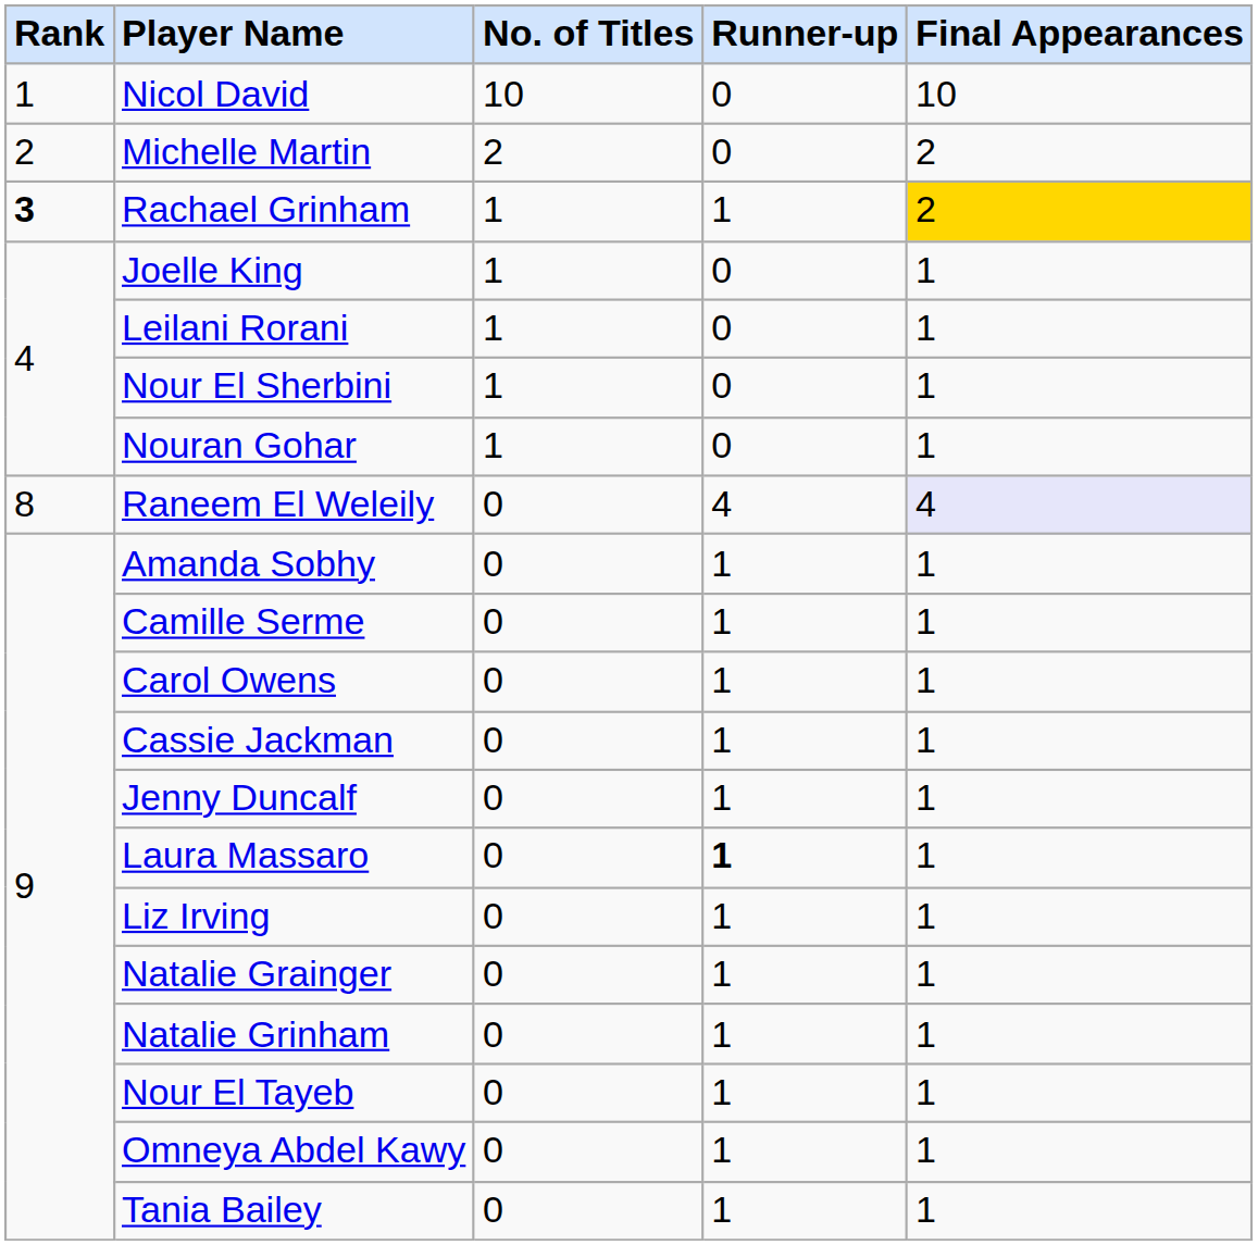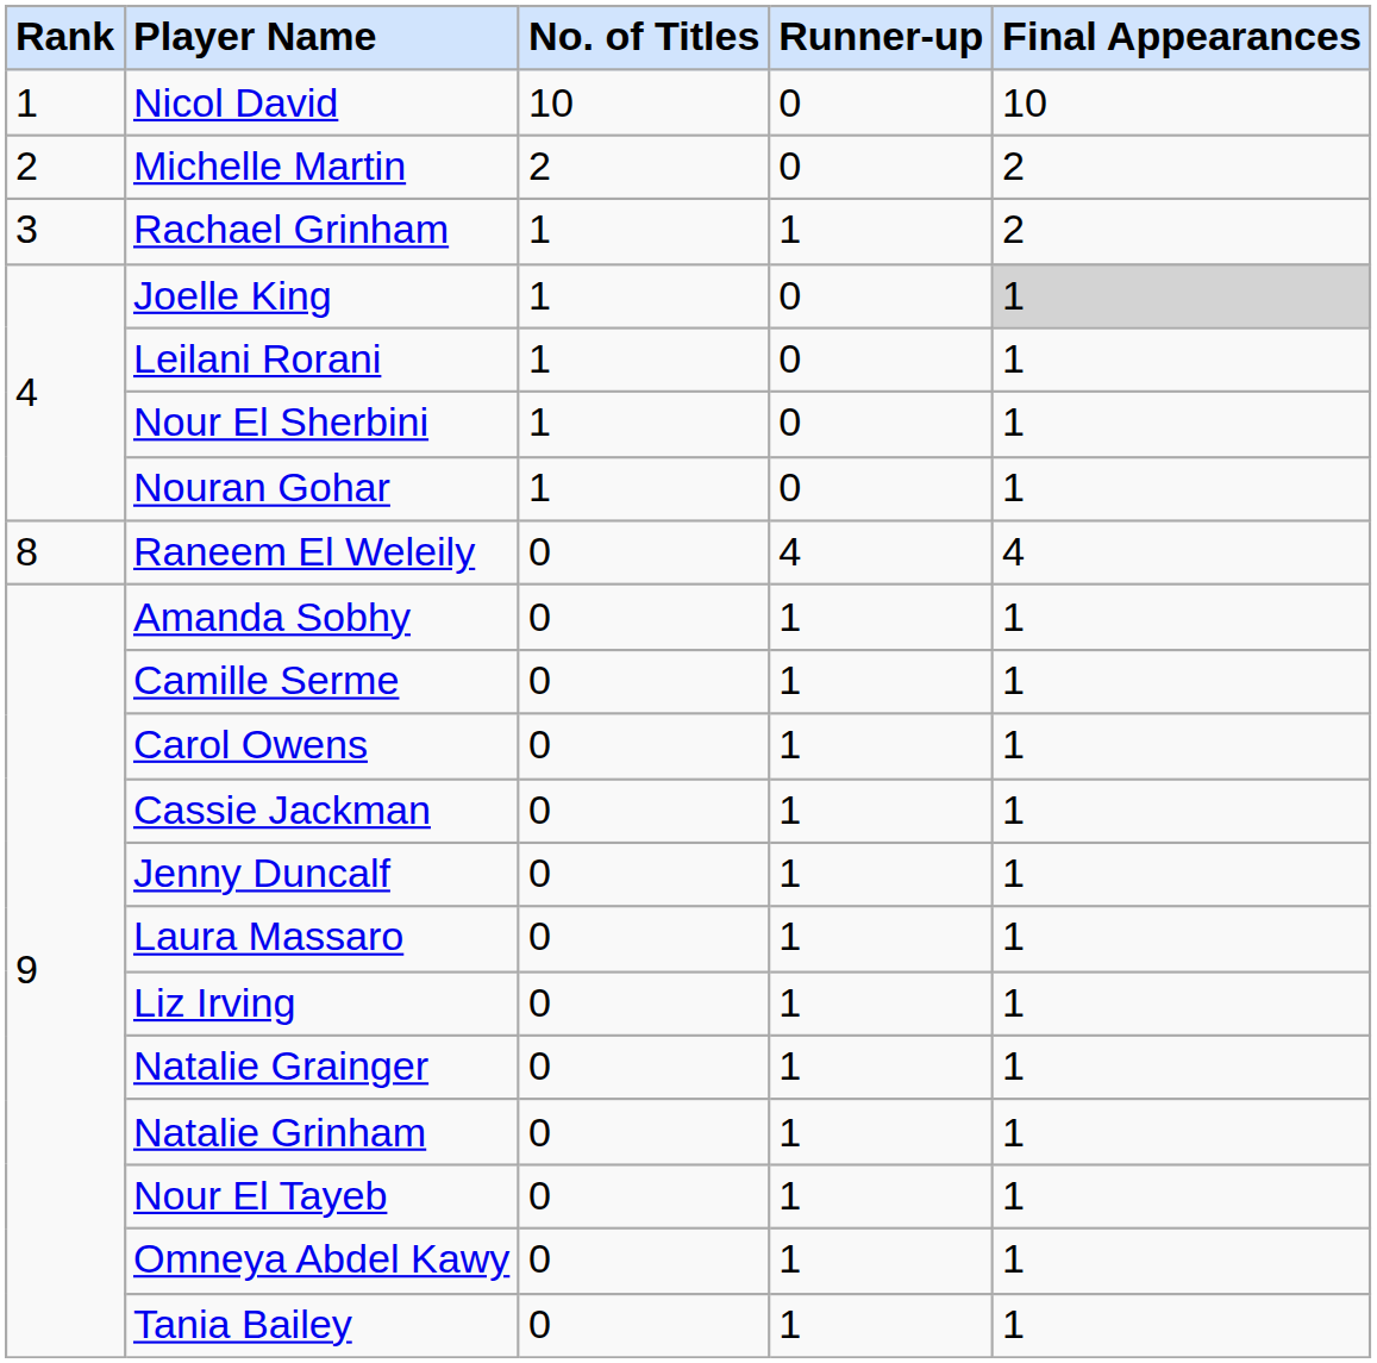 <table class="sortable wikitable" style="border:#435877 solid 1px; border-collapse: collapse;">
 <tr bgcolor="#d1e4fd">
 <td><strong>Rank</strong></td>
 <td><strong>Player Name</strong></td>
 <td><strong>No. of Titles</strong></td>
 <td><strong>Runner-up</strong></td>
 <td><strong>Final Appearances</strong></td>
 </tr>
 <tr>
 <td>1</td>
 <td> <a href='#'>Nicol David</a></td>
 <td>10</td>
 <td>0</td>
 <td>10</td>
 </tr>
 <tr>
 <td>2</td>
 <td> <a href='#'>Michelle Martin</a></td>
 <td>2</td>
 <td>0</td>
 <td>2</td>
 </tr>
 <tr>
-<td><strong>3</strong></td>
+<td>3</td>
 <td> <a href='#'>Rachael Grinham</a></td>
 <td>1</td>
 <td>1</td>
-<td style="background: gold;">2</td>
+<td>2</td>
 </tr>
 <tr>
 <td rowspan=4>4</td>
 <td> <a href='#'>Joelle King</a></td>
 <td>1</td>
 <td>0</td>
-<td>1</td>
+<td style="background: lightgrey;">1</td>
 </tr>
 <tr>
 <td> <a href='#'>Leilani Rorani</a></td>
 <td>1</td>
 <td>0</td>
 <td>1</td>
 </tr>
 <tr>
 <td> <a href='#'>Nour El Sherbini</a></td>
 <td>1</td>
 <td>0</td>
 <td>1</td>
 </tr>
 <tr>
 <td> <a href='#'>Nouran Gohar</a></td>
 <td>1</td>
 <td>0</td>
 <td>1</td>
 </tr>
 <tr>
 <td>8</td>
 <td> <a href='#'>Raneem El Weleily</a></td>
 <td>0</td>
 <td>4</td>
-<td style="background: lavender;">4</td>
+<td>4</td>
 </tr>
 <tr>
 <td rowspan=12>9</td>
 <td> <a href='#'>Amanda Sobhy</a></td>
 <td>0</td>
 <td>1</td>
 <td>1</td>
 </tr>
 <tr>
 <td> <a href='#'>Camille Serme</a></td>
 <td>0</td>
 <td>1</td>
 <td>1</td>
 </tr>
 <tr>
 <td> <a href='#'>Carol Owens</a></td>
 <td>0</td>
 <td>1</td>
 <td>1</td>
 </tr>
 <tr>
 <td> <a href='#'>Cassie Jackman</a></td>
 <td>0</td>
 <td>1</td>
 <td>1</td>
 </tr>
 <tr>
 <td> <a href='#'>Jenny Duncalf</a></td>
 <td>0</td>
 <td>1</td>
 <td>1</td>
 </tr>
 <tr>
 <td> <a href='#'>Laura Massaro</a></td>
 <td>0</td>
-<td><strong>1</strong></td>
+<td>1</td>
 <td>1</td>
 </tr>
 <tr>
 <td> <a href='#'>Liz Irving</a></td>
 <td>0</td>
 <td>1</td>
 <td>1</td>
 </tr>
 <tr>
 <td> <a href='#'>Natalie Grainger</a></td>
 <td>0</td>
 <td>1</td>
 <td>1</td>
 </tr>
 <tr>
 <td> <a href='#'>Natalie Grinham</a></td>
 <td>0</td>
 <td>1</td>
 <td>1</td>
 </tr>
 <tr>
 <td> <a href='#'>Nour El Tayeb</a></td>
 <td>0</td>
 <td>1</td>
 <td>1</td>
 </tr>
 <tr>
 <td> <a href='#'>Omneya Abdel Kawy</a></td>
 <td>0</td>
 <td>1</td>
 <td>1</td>
 </tr>
 <tr>
 <td> <a href='#'>Tania Bailey</a></td>
 <td>0</td>
 <td>1</td>
 <td>1</td>
 </tr>
 </table>
